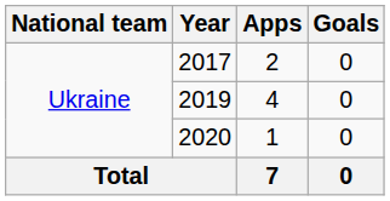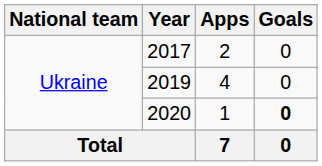 <table class="wikitable" style="text-align:center;">
 <tr>
 <th>National team</th>
 <th>Year</th>
 <th>Apps</th>
 <th>Goals</th>
 </tr>
 <tr>
 <td rowspan="3"><a href='#'>Ukraine</a></td>
 <td>2017</td>
 <td>2</td>
 <td>0</td>
 </tr>
 <tr>
 <td>2019</td>
 <td>4</td>
 <td>0</td>
 </tr>
 <tr>
 <td>2020</td>
 <td>1</td>
-<td>0</td>
+<td><strong>0</strong></td>
 </tr>
 <tr>
 <th colspan="2">Total</th>
 <th>7</th>
 <th>0</th>
 </tr>
 </table>
